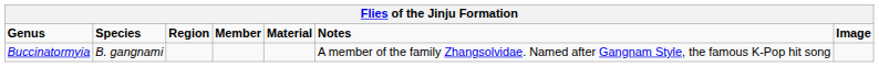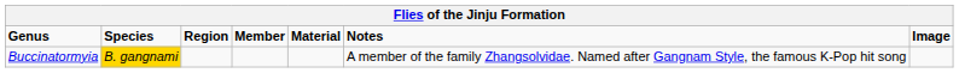 <table class="wikitable">
 <tr>
 <th colspan="7"><a href='#'>Flies</a> of the Jinju Formation</th>
 </tr>
 <tr>
 <td><strong>Genus</strong></td>
 <td><strong>Species</strong></td>
 <td><strong>Region</strong></td>
 <td><strong>Member</strong></td>
 <td><strong>Material</strong></td>
 <td><strong>Notes</strong></td>
 <td><strong>Image</strong></td>
 </tr>
 <tr>
 <td><em><a href='#'>Buccinatormyia</a></em></td>
-<td><em>B. gangnami</em></td>
+<td style="background: gold;"><em>B. gangnami</em></td>
 <td></td>
 <td></td>
 <td></td>
 <td>A member of the family <a href='#'>Zhangsolvidae</a>. Named after <a href='#'>Gangnam Style</a>, the famous K-Pop hit song</td>
 <td></td>
 </tr>
 </table>
